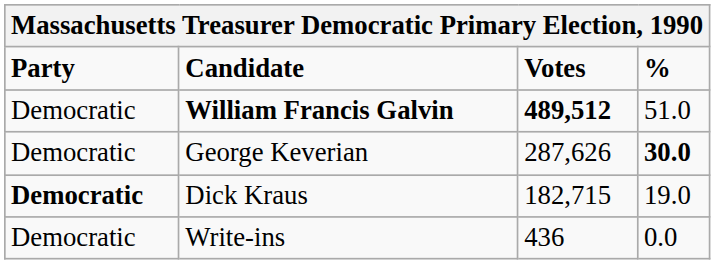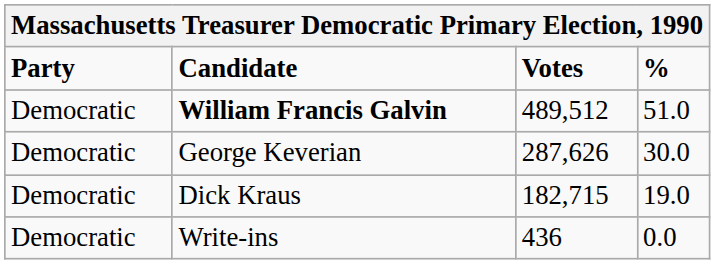 <table class="wikitable">
 <tr>
 <th colspan="4">Massachusetts Treasurer Democratic Primary Election, 1990</th>
 </tr>
 <tr>
 <td><strong>Party</strong></td>
 <td><strong>Candidate</strong></td>
 <td><strong>Votes</strong></td>
 <td><strong>%</strong></td>
 </tr>
 <tr>
 <td>Democratic</td>
 <td><strong>William Francis Galvin</strong></td>
-<td><strong>489,512</strong></td>
+<td>489,512</td>
 <td>51.0</td>
 </tr>
 <tr>
 <td>Democratic</td>
 <td>George Keverian</td>
 <td>287,626</td>
-<td><strong>30.0</strong></td>
+<td>30.0</td>
 </tr>
 <tr>
-<td><strong>Democratic</strong></td>
+<td>Democratic</td>
 <td>Dick Kraus</td>
 <td>182,715</td>
 <td>19.0</td>
 </tr>
 <tr>
 <td>Democratic</td>
 <td>Write-ins</td>
 <td>436</td>
 <td>0.0</td>
 </tr>
 </table>
